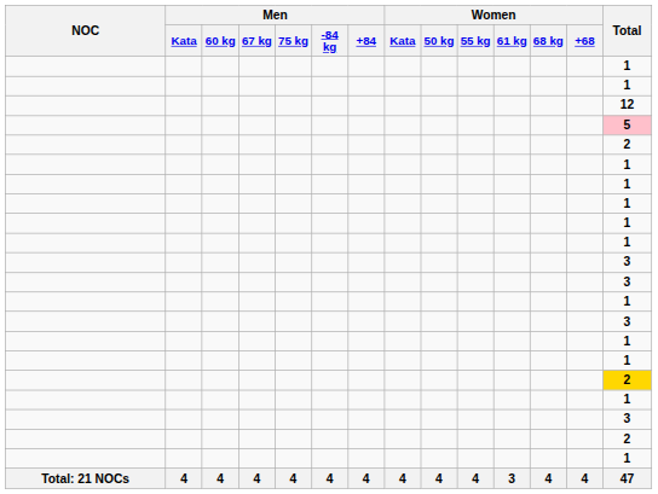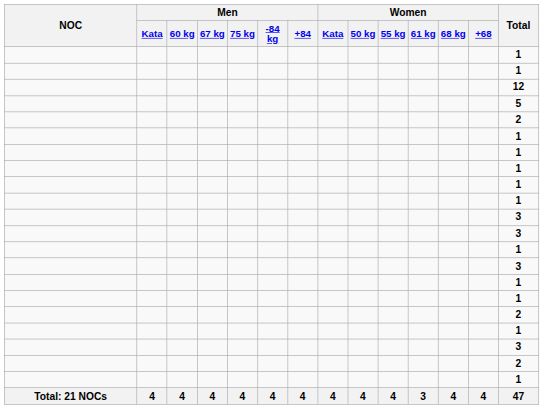 <table class="wikitable sortable" style="text-align:center; font-size:100%">
 <tr>
 <th rowspan="2" width=200 style="text-align:center;">NOC</th>
 <th colspan="6">Men</th>
 <th colspan="6">Women</th>
 <th width=55 rowspan="2">Total</th>
 </tr>
 <tr style="font-size:95%">
 <th width=40><a href='#'>Kata</a></th>
 <th width=40><a href='#'>60 kg</a></th>
 <th width=40><a href='#'>67 kg</a></th>
 <th width=40><a href='#'>75 kg</a></th>
 <th width=40><a href='#'>-84 kg</a></th>
 <th width=40><a href='#'>+84</a></th>
 <th width=40><a href='#'>Kata</a></th>
 <th width=40><a href='#'>50 kg</a></th>
 <th width=40><a href='#'>55 kg</a></th>
 <th width=40><a href='#'>61 kg</a></th>
 <th width=40><a href='#'>68 kg</a></th>
 <th width=40><a href='#'>+68</a></th>
 </tr>
 <tr>
 <td align="left"></td>
 <td></td>
 <td></td>
 <td></td>
 <td></td>
 <td></td>
 <td></td>
 <td></td>
 <td></td>
 <td></td>
 <td></td>
 <td></td>
 <td></td>
 <td><strong>1</strong></td>
 </tr>
 <tr>
 <td align="left"></td>
 <td></td>
 <td></td>
 <td></td>
 <td></td>
 <td></td>
 <td></td>
 <td></td>
 <td></td>
 <td></td>
 <td></td>
 <td></td>
 <td></td>
 <td><strong>1</strong></td>
 </tr>
 <tr>
 <td align="left"></td>
 <td></td>
 <td></td>
 <td></td>
 <td></td>
 <td></td>
 <td></td>
 <td></td>
 <td></td>
 <td></td>
 <td></td>
 <td></td>
 <td></td>
 <td><strong>12</strong></td>
 </tr>
 <tr>
 <td align="left"></td>
 <td></td>
 <td></td>
 <td></td>
 <td></td>
 <td></td>
 <td></td>
 <td></td>
 <td></td>
 <td></td>
 <td></td>
 <td></td>
 <td></td>
-<td style="background: pink;"><strong>5</strong></td>
+<td><strong>5</strong></td>
 </tr>
 <tr>
 <td align="left"></td>
 <td></td>
 <td></td>
 <td></td>
 <td></td>
 <td></td>
 <td></td>
 <td></td>
 <td></td>
 <td></td>
 <td></td>
 <td></td>
 <td></td>
 <td><strong>2</strong></td>
 </tr>
 <tr>
 <td align="left"></td>
 <td></td>
 <td></td>
 <td></td>
 <td></td>
 <td></td>
 <td></td>
 <td></td>
 <td></td>
 <td></td>
 <td></td>
 <td></td>
 <td></td>
 <td><strong>1</strong></td>
 </tr>
 <tr>
 <td align="left"></td>
 <td></td>
 <td></td>
 <td></td>
 <td></td>
 <td></td>
 <td></td>
 <td></td>
 <td></td>
 <td></td>
 <td></td>
 <td></td>
 <td></td>
 <td><strong>1</strong></td>
 </tr>
 <tr>
 <td align="left"></td>
 <td></td>
 <td></td>
 <td></td>
 <td></td>
 <td></td>
 <td></td>
 <td></td>
 <td></td>
 <td></td>
 <td></td>
 <td></td>
 <td></td>
 <td><strong>1</strong></td>
 </tr>
 <tr>
 <td align="left"></td>
 <td></td>
 <td></td>
 <td></td>
 <td></td>
 <td></td>
 <td></td>
 <td></td>
 <td></td>
 <td></td>
 <td></td>
 <td></td>
 <td></td>
 <td><strong>1</strong></td>
 </tr>
 <tr>
 <td align="left"></td>
 <td></td>
 <td></td>
 <td></td>
 <td></td>
 <td></td>
 <td></td>
 <td></td>
 <td></td>
 <td></td>
 <td></td>
 <td></td>
 <td></td>
 <td><strong>1</strong></td>
 </tr>
 <tr>
 <td align="left"></td>
 <td></td>
 <td></td>
 <td></td>
 <td></td>
 <td></td>
 <td></td>
 <td></td>
 <td></td>
 <td></td>
 <td></td>
 <td></td>
 <td></td>
 <td><strong>3</strong></td>
 </tr>
 <tr>
 <td align="left"></td>
 <td></td>
 <td></td>
 <td></td>
 <td></td>
 <td></td>
 <td></td>
 <td></td>
 <td></td>
 <td></td>
 <td></td>
 <td></td>
 <td></td>
 <td><strong>3</strong></td>
 </tr>
 <tr>
 <td align="left"></td>
 <td></td>
 <td></td>
 <td></td>
 <td></td>
 <td></td>
 <td></td>
 <td></td>
 <td></td>
 <td></td>
 <td></td>
 <td></td>
 <td></td>
 <td><strong>1</strong></td>
 </tr>
 <tr>
 <td align="left"></td>
 <td></td>
 <td></td>
 <td></td>
 <td></td>
 <td></td>
 <td></td>
 <td></td>
 <td></td>
 <td></td>
 <td></td>
 <td></td>
 <td></td>
 <td><strong>3</strong></td>
 </tr>
 <tr>
 <td align="left"></td>
 <td></td>
 <td></td>
 <td></td>
 <td></td>
 <td></td>
 <td></td>
 <td></td>
 <td></td>
 <td></td>
 <td></td>
 <td></td>
 <td></td>
 <td><strong>1</strong></td>
 </tr>
 <tr>
 <td align="left"></td>
 <td></td>
 <td></td>
 <td></td>
 <td></td>
 <td></td>
 <td></td>
 <td></td>
 <td></td>
 <td></td>
 <td></td>
 <td></td>
 <td></td>
 <td><strong>1</strong></td>
 </tr>
 <tr>
 <td align="left"></td>
 <td></td>
 <td></td>
 <td></td>
 <td></td>
 <td></td>
 <td></td>
 <td></td>
 <td></td>
 <td></td>
 <td></td>
 <td></td>
 <td></td>
-<td style="background: gold;"><strong>2</strong></td>
+<td><strong>2</strong></td>
 </tr>
 <tr>
 <td align="left"></td>
 <td></td>
 <td></td>
 <td></td>
 <td></td>
 <td></td>
 <td></td>
 <td></td>
 <td></td>
 <td></td>
 <td></td>
 <td></td>
 <td></td>
 <td><strong>1</strong></td>
 </tr>
 <tr>
 <td align="left"></td>
 <td></td>
 <td></td>
 <td></td>
 <td></td>
 <td></td>
 <td></td>
 <td></td>
 <td></td>
 <td></td>
 <td></td>
 <td></td>
 <td></td>
 <td><strong>3</strong></td>
 </tr>
 <tr>
 <td align="left"></td>
 <td></td>
 <td></td>
 <td></td>
 <td></td>
 <td></td>
 <td></td>
 <td></td>
 <td></td>
 <td></td>
 <td></td>
 <td></td>
 <td></td>
 <td><strong>2</strong></td>
 </tr>
 <tr>
 <td align="left"></td>
 <td></td>
 <td></td>
 <td></td>
 <td></td>
 <td></td>
 <td></td>
 <td></td>
 <td></td>
 <td></td>
 <td></td>
 <td></td>
 <td></td>
 <td><strong>1</strong></td>
 </tr>
 <tr>
 <th>Total: 21 NOCs</th>
 <th>4</th>
 <th>4</th>
 <th>4</th>
 <th>4</th>
 <th>4</th>
 <th>4</th>
 <th>4</th>
 <th>4</th>
 <th>4</th>
 <th>3</th>
 <th>4</th>
 <th>4</th>
 <th>47</th>
 </tr>
 </table>
